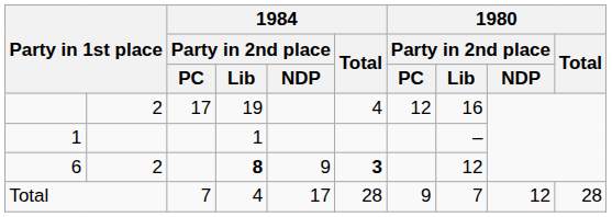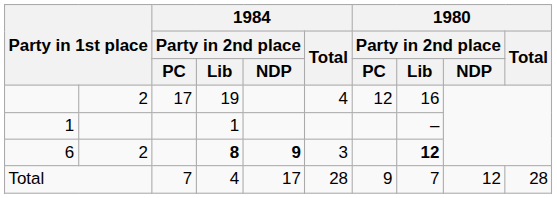 <table class="wikitable" style="text-align:right;">
 <tr>
 <th rowspan="3" colspan="2" style="text-align:left;">Party in 1st place</th>
 <th colspan="4">1984</th>
 <th colspan="4">1980</th>
 </tr>
 <tr>
 <th colspan="3">Party in 2nd place</th>
 <th rowspan="2">Total</th>
 <th colspan="3">Party in 2nd place</th>
 <th rowspan="2">Total</th>
 </tr>
 <tr>
 <th>PC</th>
 <th>Lib</th>
 <th>NDP</th>
 <th>PC</th>
 <th>Lib</th>
 <th>NDP</th>
 </tr>
 <tr>
 <td></td>
 <td>2</td>
 <td>17</td>
 <td>19</td>
 <td></td>
 <td>4</td>
 <td>12</td>
 <td>16</td>
 </tr>
 <tr>
 <td>1</td>
 <td></td>
 <td></td>
 <td>1</td>
 <td></td>
 <td></td>
 <td></td>
 <td>–</td>
 </tr>
 <tr>
 <td>6</td>
 <td>2</td>
 <td></td>
 <td><strong>8</strong></td>
-<td>9</td>
-<td><strong>3</strong></td>
+<td><strong>9</strong></td>
+<td>3</td>
 <td></td>
-<td>12</td>
+<td><strong>12</strong></td>
 </tr>
 <tr>
 <td colspan="2" style="text-align:left;">Total</td>
 <td>7</td>
 <td>4</td>
 <td>17</td>
 <td>28</td>
 <td>9</td>
 <td>7</td>
 <td>12</td>
 <td>28</td>
 </tr>
 </table>
